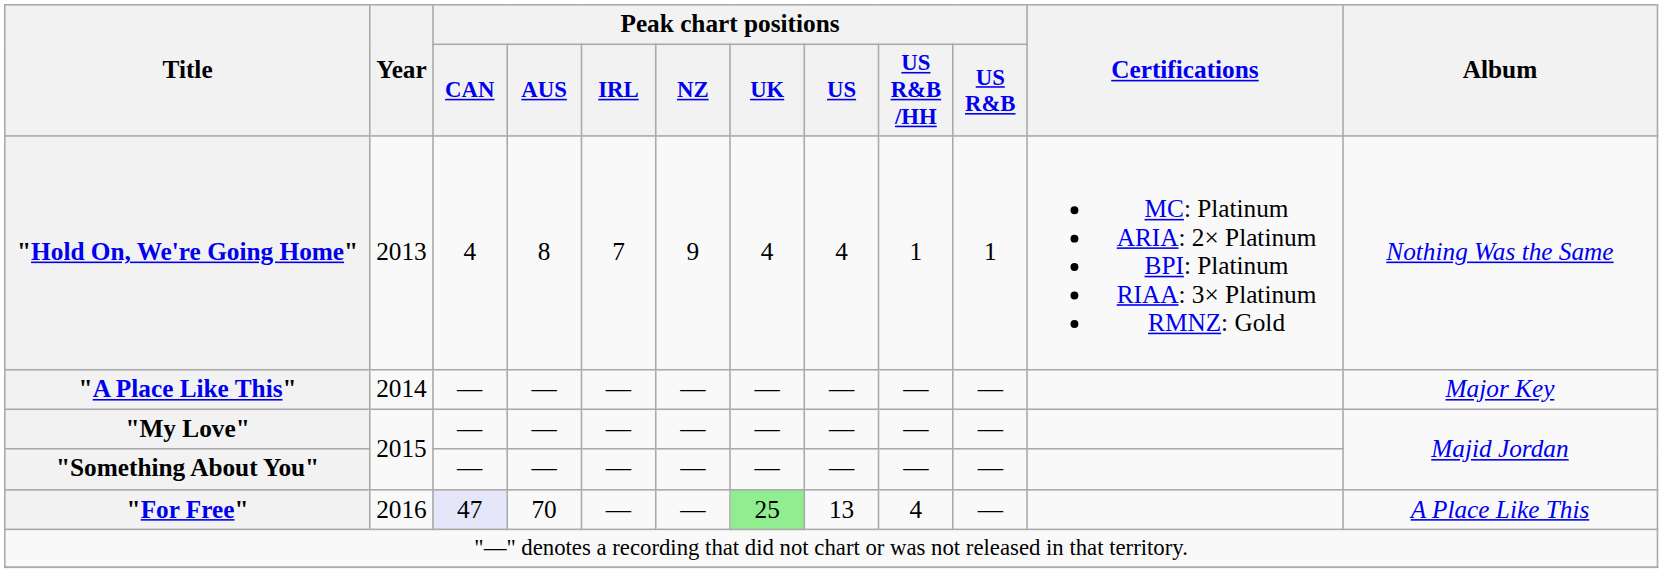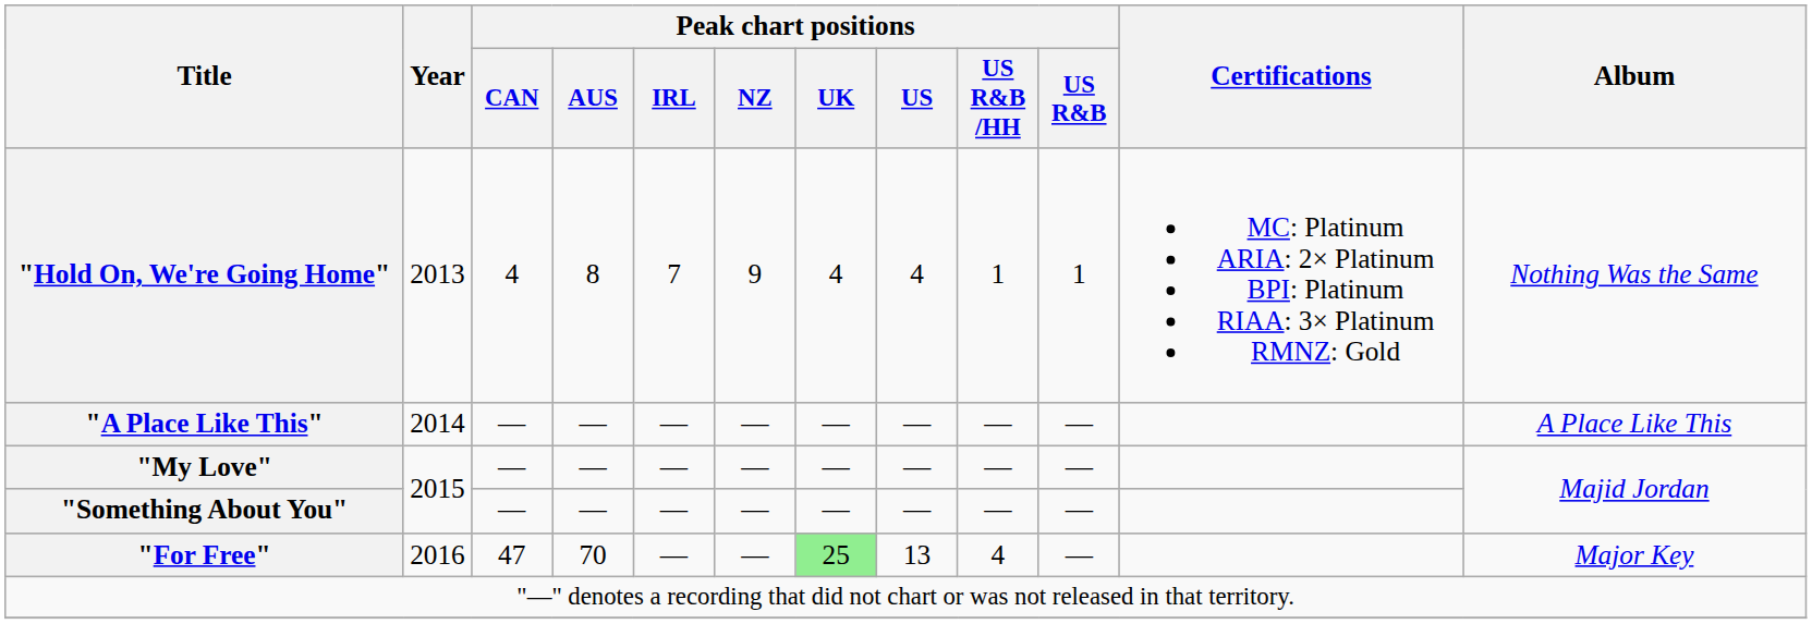 <table class="wikitable plainrowheaders" style="text-align:center;">
 <tr>
 <th scope="col" rowspan="2" style="width:14em;">Title</th>
 <th scope="col" rowspan="2">Year</th>
 <th scope="col" colspan="8">Peak chart positions</th>
 <th scope="col" rowspan="2" style="width:12em;"><a href='#'>Certifications</a></th>
 <th scope="col" rowspan="2" style="width:12em;">Album</th>
 </tr>
 <tr>
 <th scope="col" style="width:2.8em;font-size:90%;"><a href='#'>CAN</a><br></th>
 <th scope="col" style="width:2.8em;font-size:90%;"><a href='#'>AUS</a><br></th>
 <th scope="col" style="width:2.8em;font-size:90%;"><a href='#'>IRL</a><br></th>
 <th scope="col" style="width:2.8em;font-size:90%;"><a href='#'>NZ</a><br></th>
 <th scope="col" style="width:2.8em;font-size:90%;"><a href='#'>UK</a><br></th>
 <th scope="col" style="width:2.8em;font-size:90%;"><a href='#'>US</a><br></th>
 <th scope="col" style="width:2.8em;font-size:90%;"><a href='#'>US<br>R&B<br>/HH</a><br></th>
 <th scope="col" style="width:2.8em;font-size:90%;"><a href='#'>US<br>R&B</a><br></th>
 </tr>
 <tr>
 <th scope="row">"<a href='#'>Hold On, We're Going Home</a>"<br></th>
 <td>2013</td>
 <td>4</td>
 <td>8</td>
 <td>7</td>
 <td>9</td>
 <td>4</td>
 <td>4</td>
 <td>1</td>
 <td>1</td>
 <td><br><ul><li><a href='#'>MC</a>: Platinum</li><li><a href='#'>ARIA</a>: 2× Platinum</li><li><a href='#'>BPI</a>: Platinum</li><li><a href='#'>RIAA</a>: 3× Platinum</li><li><a href='#'>RMNZ</a>: Gold</li></ul></td>
 <td><em><a href='#'>Nothing Was the Same</a></em></td>
 </tr>
 <tr>
 <th scope="row">"<a href='#'>A Place Like This</a>"<br></th>
 <td>2014</td>
 <td>—</td>
 <td>—</td>
 <td>—</td>
 <td>—</td>
 <td>—</td>
 <td>—</td>
 <td>—</td>
 <td>—</td>
 <td></td>
-<td><em><a href='#'>Major Key</a></em></td>
+<td><em><a href='#'>A Place Like This</a></em></td>
 </tr>
 <tr>
 <th scope="row">"My Love"<br></th>
 <td rowspan="2">2015</td>
 <td>—</td>
 <td>—</td>
 <td>—</td>
 <td>—</td>
 <td>—</td>
 <td>—</td>
 <td>—</td>
 <td>—</td>
 <td></td>
 <td rowspan="2"><em><a href='#'>Majid Jordan</a></em></td>
 </tr>
 <tr>
 <th scope="row">"Something About You"<br></th>
 <td>—</td>
 <td>—</td>
 <td>—</td>
 <td>—</td>
 <td>—</td>
 <td>—</td>
 <td>—</td>
 <td>—</td>
 <td></td>
 </tr>
 <tr>
 <th scope="row">"<a href='#'>For Free</a>"<br></th>
 <td>2016</td>
-<td style="background: lavender;">47</td>
+<td>47</td>
 <td>70</td>
 <td>—</td>
 <td>—</td>
 <td style="background: lightgreen;">25</td>
 <td>13</td>
 <td>4</td>
 <td>—</td>
 <td></td>
-<td><em><a href='#'>A Place Like This</a></em></td>
+<td><em><a href='#'>Major Key</a></em></td>
 </tr>
 <tr>
 <td colspan="20" style="font-size:90%">"—" denotes a recording that did not chart or was not released in that territory.</td>
 </tr>
 <tr>
 </tr>
 </table>
